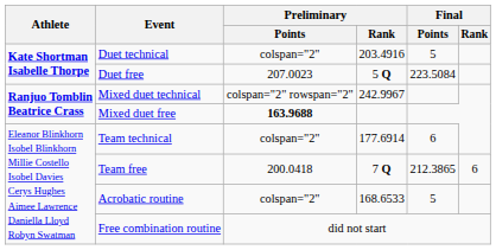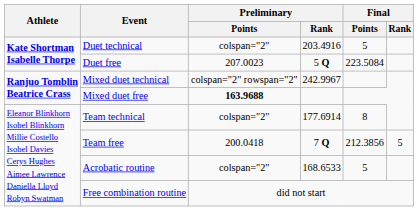 <table class="wikitable" style="text-align:center; font-size:90%">
 <tr>
 <th rowspan=2>Athlete</th>
 <th rowspan=2>Event</th>
 <th colspan=2>Preliminary</th>
 <th colspan="2">Final</th>
 </tr>
 <tr style="font-size:95%">
 <th>Points</th>
 <th>Rank</th>
 <th>Points</th>
 <th>Rank</th>
 </tr>
 <tr>
 <td align=left rowspan="2"><strong><a href='#'>Kate Shortman</a><br><a href='#'>Isabelle Thorpe</a></strong></td>
 <td align=left><a href='#'>Duet technical</a></td>
 <td>colspan="2" </td>
 <td>203.4916</td>
 <td>5</td>
 </tr>
 <tr>
 <td align=left><a href='#'>Duet free</a></td>
 <td>207.0023</td>
 <td>5 <strong>Q</strong></td>
 <td>223.5084</td>
 <td></td>
 </tr>
 <tr>
 <td align=left rowspan="2"><strong><a href='#'>Ranjuo Tomblin</a></strong><br><strong><a href='#'>Beatrice Crass</a></strong></td>
 <td align=left><a href='#'>Mixed duet technical</a></td>
 <td>colspan="2" rowspan="2" </td>
 <td>242.9967</td>
 <td></td>
 </tr>
 <tr>
 <td align=left><a href='#'>Mixed duet free</a></td>
 <td><strong>163.9688</strong></td>
 <td></td>
 </tr>
 <tr>
 <td align=left rowspan="4"><small><a href='#'>Eleanor Blinkhorn</a><br><a href='#'>Isobel Blinkhorn</a><br><a href='#'>Millie Costello</a><br><a href='#'>Isobel Davies</a><br><a href='#'>Cerys Hughes</a><br><a href='#'>Aimee Lawrence</a><br><a href='#'>Daniella Lloyd</a><br><a href='#'>Robyn Swatman</a></small></td>
 <td align=left><a href='#'>Team technical</a></td>
 <td>colspan="2" </td>
 <td>177.6914</td>
-<td>6</td>
+<td>8</td>
 </tr>
 <tr>
 <td align=left><a href='#'>Team free</a></td>
 <td>200.0418</td>
 <td>7 <strong>Q</strong></td>
-<td>212.3865</td>
-<td>6</td>
+<td>212.3856</td>
+<td>5</td>
 </tr>
 <tr>
 <td align=left><a href='#'>Acrobatic routine</a></td>
 <td>colspan="2" </td>
 <td>168.6533</td>
 <td>5</td>
 </tr>
 <tr>
 <td align=left><a href='#'>Free combination routine</a></td>
 <td colspan="4">did not start</td>
 </tr>
 </table>
